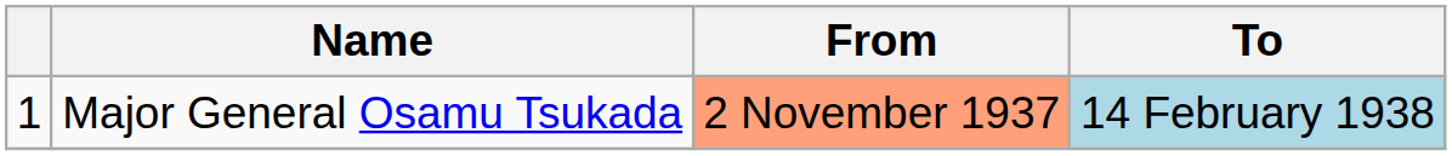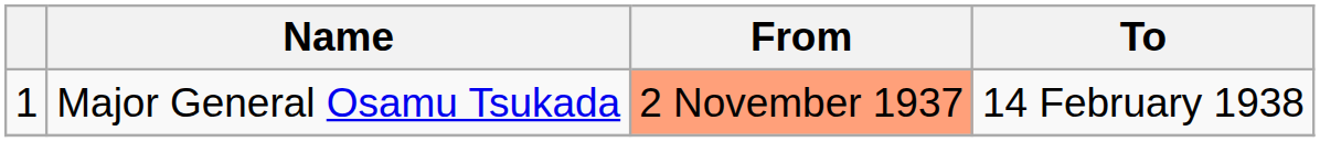 <table class=wikitable>
 <tr>
 <th></th>
 <th>Name</th>
 <th>From</th>
 <th>To</th>
 </tr>
 <tr>
 <td>1</td>
 <td>Major General <a href='#'>Osamu Tsukada</a></td>
 <td style="background: lightsalmon;">2 November 1937</td>
-<td style="background: lightblue;">14 February 1938</td>
+<td>14 February 1938</td>
 </tr>
 <tr>
 </tr>
 </table>
